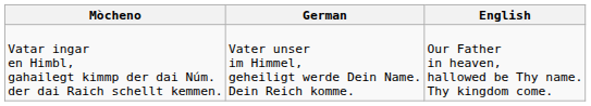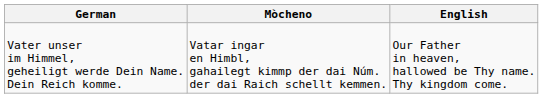 <table class="wikitable">
 <tr>
+<th>German</th>
 <th>Mòcheno</th>
-<th>German</th>
 <th>English</th>
 </tr>
 <tr>
+<td><br>Vater unser<br> im Himmel,<br> geheiligt werde Dein Name.<br> Dein Reich komme.</td>
 <td><br>Vatar ingar<br> en Himbl,<br> gahailegt kimmp der dai Núm.<br> der dai Raich schellt kemmen.<br></td>
-<td><br>Vater unser<br> im Himmel,<br> geheiligt werde Dein Name.<br> Dein Reich komme.</td>
 <td><br>Our Father<br> in heaven,<br> hallowed be Thy name.<br> Thy kingdom come.</td>
 </tr>
 </table>
